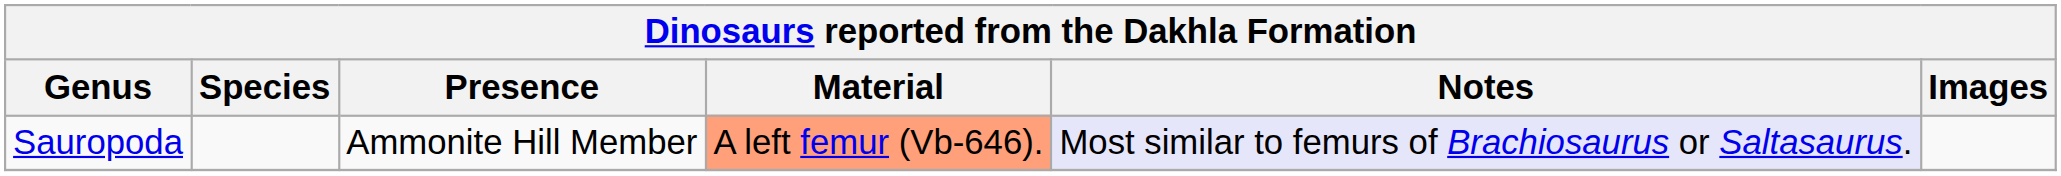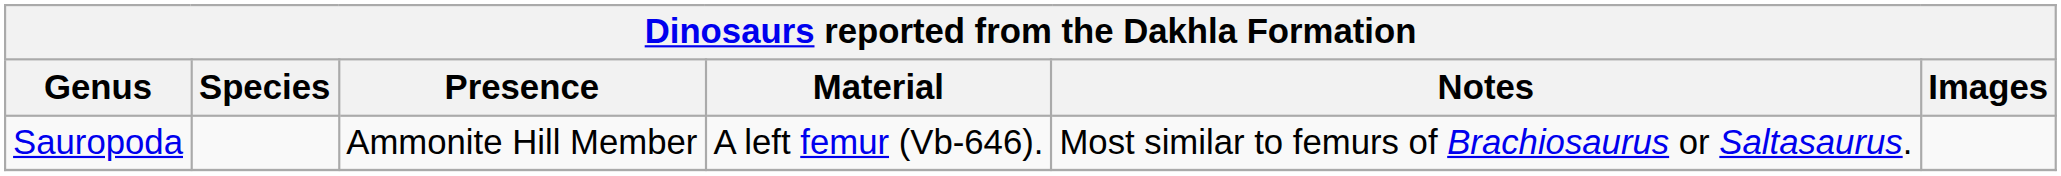 <table class="wikitable" align="center">
 <tr>
 <th colspan="6" align="center"><strong><a href='#'>Dinosaurs</a> reported from the Dakhla Formation</strong></th>
 </tr>
 <tr>
 <th>Genus</th>
 <th>Species</th>
 <th>Presence</th>
 <th><strong>Material</strong></th>
 <th>Notes</th>
 <th>Images</th>
 </tr>
 <tr>
 <td><a href='#'>Sauropoda</a></td>
 <td></td>
 <td>Ammonite Hill Member</td>
-<td style="background: lightsalmon;">A left <a href='#'>femur</a> (Vb-646).</td>
-<td style="background: lavender;">Most similar to femurs of <em><a href='#'>Brachiosaurus</a></em> or <em><a href='#'>Saltasaurus</a></em>.</td>
+<td>A left <a href='#'>femur</a> (Vb-646).</td>
+<td>Most similar to femurs of <em><a href='#'>Brachiosaurus</a></em> or <em><a href='#'>Saltasaurus</a></em>.</td>
 <td></td>
 </tr>
 <tr>
 </tr>
 </table>
